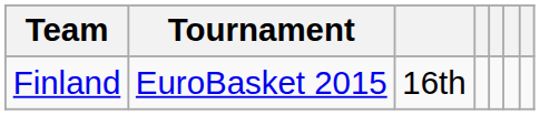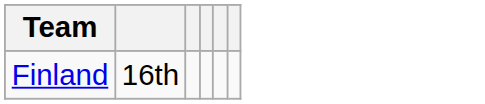 <table class="wikitable" style=" text-align:center;">
 <tr>
 <th>Team</th>
-<th>Tournament</th>
 <th></th>
 <th></th>
 <th></th>
 <th></th>
 <th></th>
 </tr>
 <tr>
 <td><a href='#'>Finland</a></td>
-<td><a href='#'>EuroBasket 2015</a></td>
 <td>16th</td>
 <td></td>
 <td></td>
 <td></td>
 <td></td>
 </tr>
 </table>
